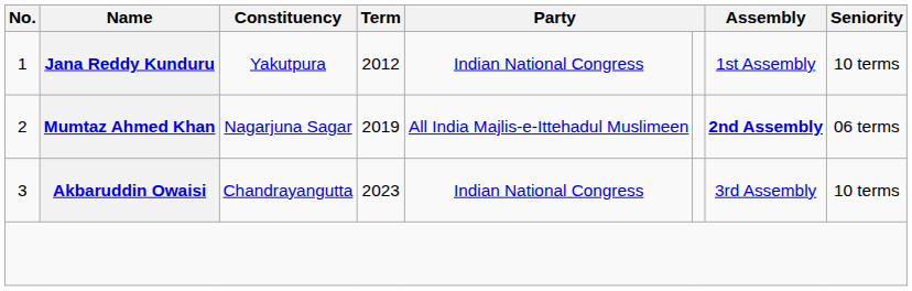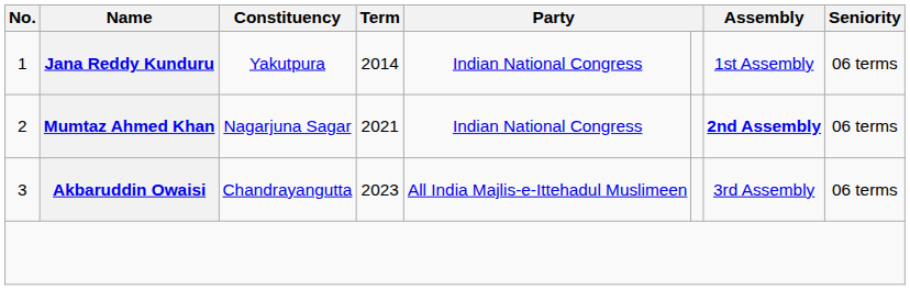 <table class="wikitable sortable">
 <tr>
 <th scope=col>No.</th>
 <th scope=col>Name</th>
 <th scope=col>Constituency</th>
 <th scope=col>Term</th>
 <th colspan="2" scope="col">Party</th>
 <th scope=col>Assembly<br></th>
 <th scope=col>Seniority</th>
 </tr>
 <tr style="text-align:center; height:60px;">
 <td>1</td>
 <th><a href='#'>Jana Reddy Kunduru</a></th>
 <td><a href='#'>Yakutpura</a></td>
-<td>2012</td>
+<td>2014</td>
 <td><a href='#'>Indian National Congress</a></td>
 <td width="4px" style="background-color: "></td>
 <td><a href='#'>1st Assembly</a><br></td>
-<td>10 terms</td>
+<td>06 terms</td>
 </tr>
 <tr style="text-align:center; height:60px;">
 <td>2</td>
 <th><a href='#'>Mumtaz Ahmed Khan</a></th>
 <td><a href='#'>Nagarjuna Sagar</a></td>
-<td>2019</td>
-<td><a href='#'>All India Majlis-e-Ittehadul Muslimeen</a></td>
+<td>2021</td>
+<td><a href='#'>Indian National Congress</a></td>
 <td width="4px" style="background-color: "></td>
 <td><strong><a href='#'>2nd Assembly</a><br></strong></td>
 <td>06 terms</td>
 </tr>
 <tr style="text-align:center; height:60px;">
 <td>3</td>
 <th><a href='#'>Akbaruddin Owaisi</a></th>
 <td><a href='#'>Chandrayangutta</a></td>
 <td>2023</td>
-<td><a href='#'>Indian National Congress</a></td>
+<td><a href='#'>All India Majlis-e-Ittehadul Muslimeen</a></td>
 <td width="4px" style="background-color: "></td>
 <td><a href='#'>3rd Assembly</a><br></td>
-<td>10 terms</td>
+<td>06 terms</td>
 </tr>
 <tr style="text-align:center; height:60px;">
 </tr>
 </table>
